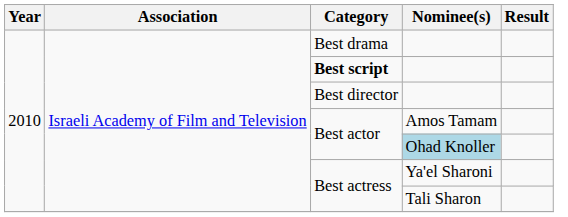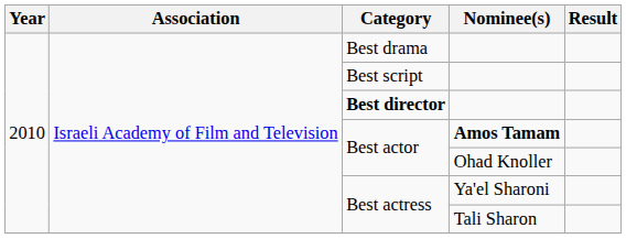 <table class="wikitable plainrowheaders">
 <tr>
 <th scope="col">Year</th>
 <th scope="col">Association</th>
 <th scope="col">Category</th>
 <th scope="col">Nominee(s)</th>
 <th scope="col">Result</th>
 </tr>
 <tr>
 <td scope="row" rowspan=7>2010</td>
 <td scope="row" rowspan=7><a href='#'>Israeli Academy of Film and Television</a></td>
 <td>Best drama</td>
 <td></td>
 <td></td>
 </tr>
 <tr>
-<td><strong>Best script</strong></td>
+<td>Best script</td>
 <td></td>
 <td></td>
 </tr>
 <tr>
-<td>Best director</td>
+<td><strong>Best director</strong></td>
 <td></td>
 <td></td>
 </tr>
 <tr>
 <td rowspan=2>Best actor</td>
-<td>Amos Tamam</td>
+<td><strong>Amos Tamam</strong></td>
 <td></td>
 </tr>
 <tr>
-<td style="background: lightblue;">Ohad Knoller</td>
+<td>Ohad Knoller</td>
 <td></td>
 </tr>
 <tr>
 <td rowspan=2>Best actress</td>
 <td>Ya'el Sharoni</td>
 <td></td>
 </tr>
 <tr>
 <td>Tali Sharon</td>
 <td></td>
 </tr>
 <tr>
 </tr>
 </table>
